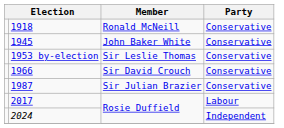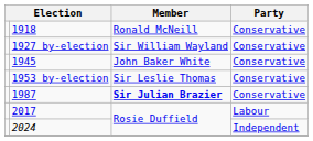 <table class="wikitable">
 <tr>
 <th colspan="2">Election</th>
 <th>Member</th>
 <th>Party</th>
 </tr>
 <tr>
 <td style="color:inherit;background-color: "></td>
 <td><a href='#'>1918</a></td>
 <td><a href='#'>Ronald McNeill</a></td>
+<td><a href='#'>Conservative</a></td>
+</tr>
+<tr>
+<td style="color:inherit;background-color: "></td>
+<td><a href='#'>1927 by-election</a></td>
+<td><a href='#'>Sir William Wayland</a></td>
 <td><a href='#'>Conservative</a></td>
 </tr>
 <tr>
 <td style="color:inherit;background-color: "></td>
 <td><a href='#'>1945</a></td>
 <td><a href='#'>John Baker White</a></td>
 <td><a href='#'>Conservative</a></td>
 </tr>
 <tr>
 <td style="color:inherit;background-color: "></td>
 <td><a href='#'>1953 by-election</a></td>
 <td><a href='#'>Sir Leslie Thomas</a></td>
 <td><a href='#'>Conservative</a></td>
 </tr>
 <tr>
 <td style="color:inherit;background-color: "></td>
-<td><a href='#'>1966</a></td>
-<td><a href='#'>Sir David Crouch</a></td>
-<td><a href='#'>Conservative</a></td>
-</tr>
-<tr>
-<td style="color:inherit;background-color: "></td>
 <td><a href='#'>1987</a></td>
-<td><a href='#'>Sir Julian Brazier</a></td>
+<td><strong><a href='#'>Sir Julian Brazier</a></strong></td>
 <td><a href='#'>Conservative</a></td>
 </tr>
 <tr>
 <td style="color:inherit;background-color: "></td>
 <td><a href='#'>2017</a></td>
 <td rowspan="2"><a href='#'>Rosie Duffield</a></td>
 <td><a href='#'>Labour</a></td>
 </tr>
 <tr>
 <td style="color:inherit;background-color: "></td>
 <td><em>2024</em></td>
 <td><a href='#'>Independent</a></td>
 </tr>
 <tr>
 </tr>
 </table>
